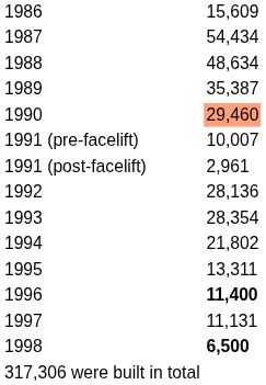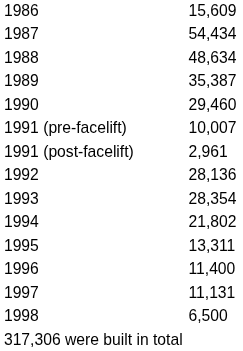 <table border="0" cellpadding="2">
 <tr>
 <td>1986</td>
 <td>15,609</td>
 </tr>
 <tr>
 <td>1987</td>
 <td>54,434</td>
 </tr>
 <tr>
 <td>1988</td>
 <td>48,634</td>
 </tr>
 <tr>
 <td>1989</td>
 <td>35,387</td>
 </tr>
 <tr>
 <td>1990</td>
-<td style="background: lightsalmon;">29,460</td>
+<td>29,460</td>
 </tr>
 <tr>
 <td>1991 (pre-facelift)</td>
 <td>10,007</td>
 </tr>
 <tr>
 <td>1991 (post-facelift)</td>
 <td>2,961</td>
 </tr>
 <tr>
 <td>1992</td>
 <td>28,136</td>
 </tr>
 <tr>
 <td>1993</td>
 <td>28,354</td>
 </tr>
 <tr>
 <td>1994</td>
 <td>21,802</td>
 </tr>
 <tr>
 <td>1995</td>
 <td>13,311</td>
 </tr>
 <tr>
 <td>1996</td>
-<td><strong>11,400</strong></td>
+<td>11,400</td>
 </tr>
 <tr>
 <td>1997</td>
 <td>11,131</td>
 </tr>
 <tr>
 <td>1998</td>
-<td><strong>6,500</strong></td>
+<td>6,500</td>
 </tr>
 <tr>
 <td>317,306 were built in total</td>
 </tr>
 </table>
